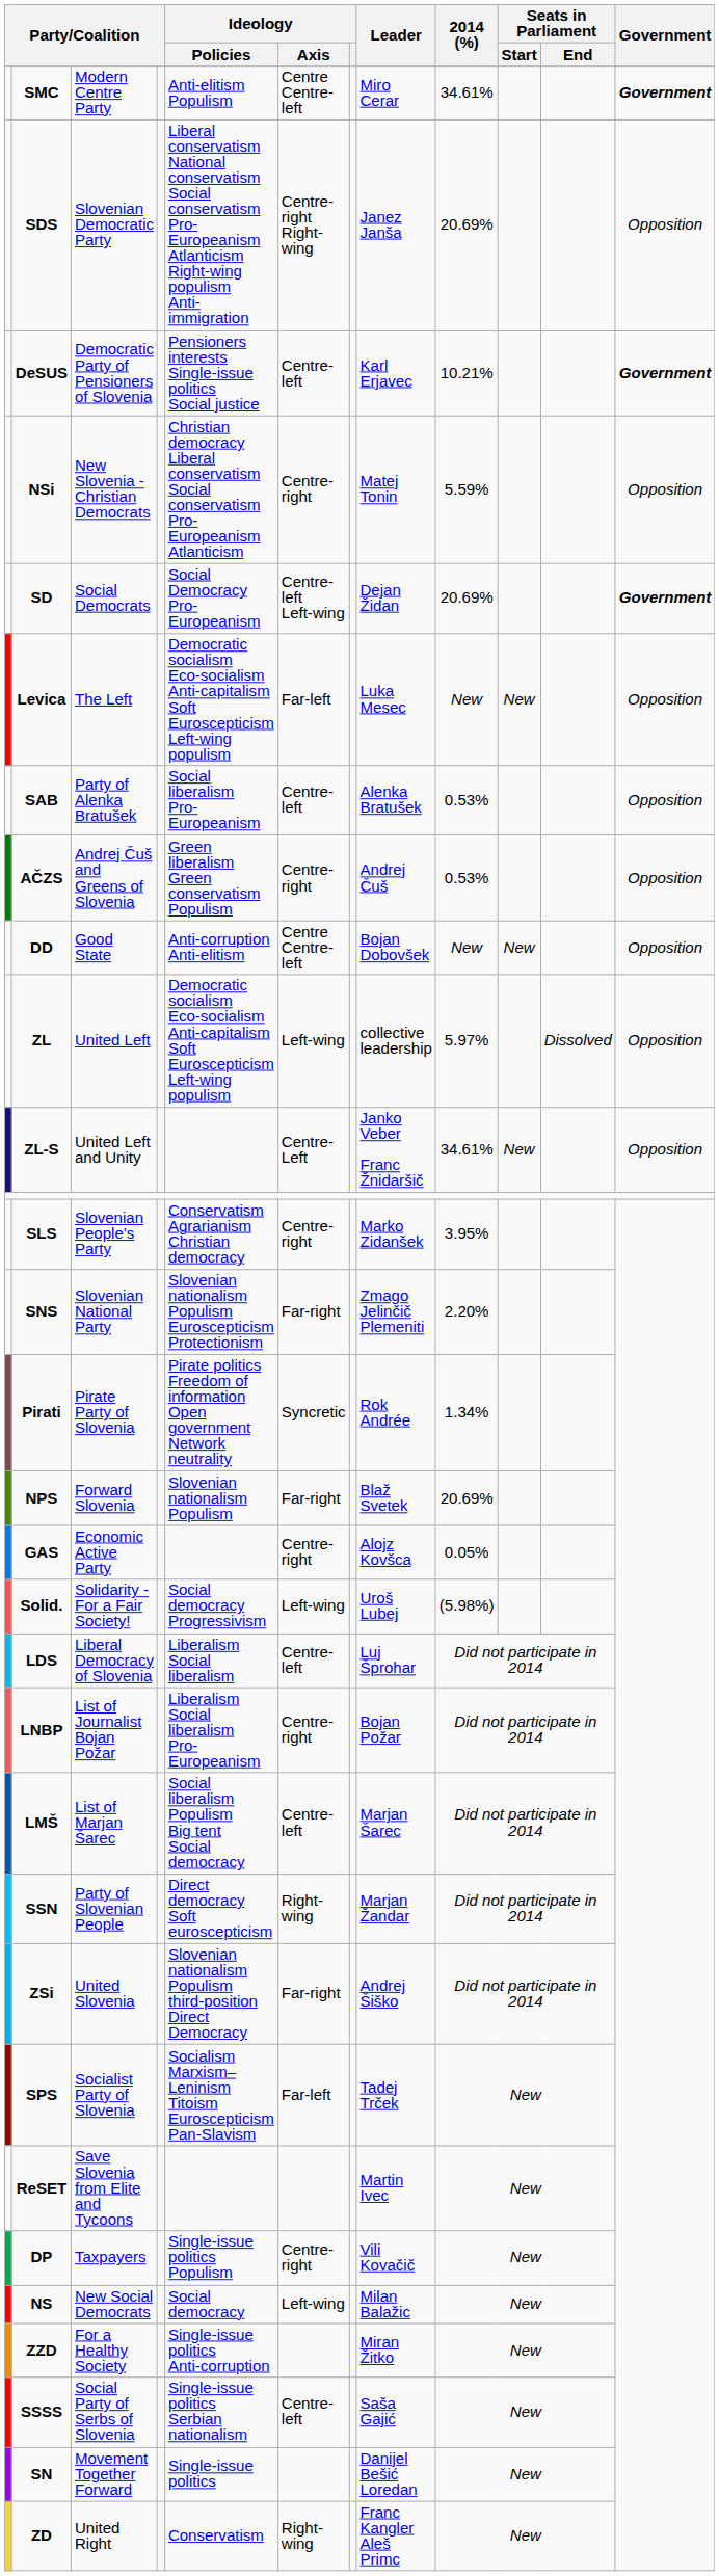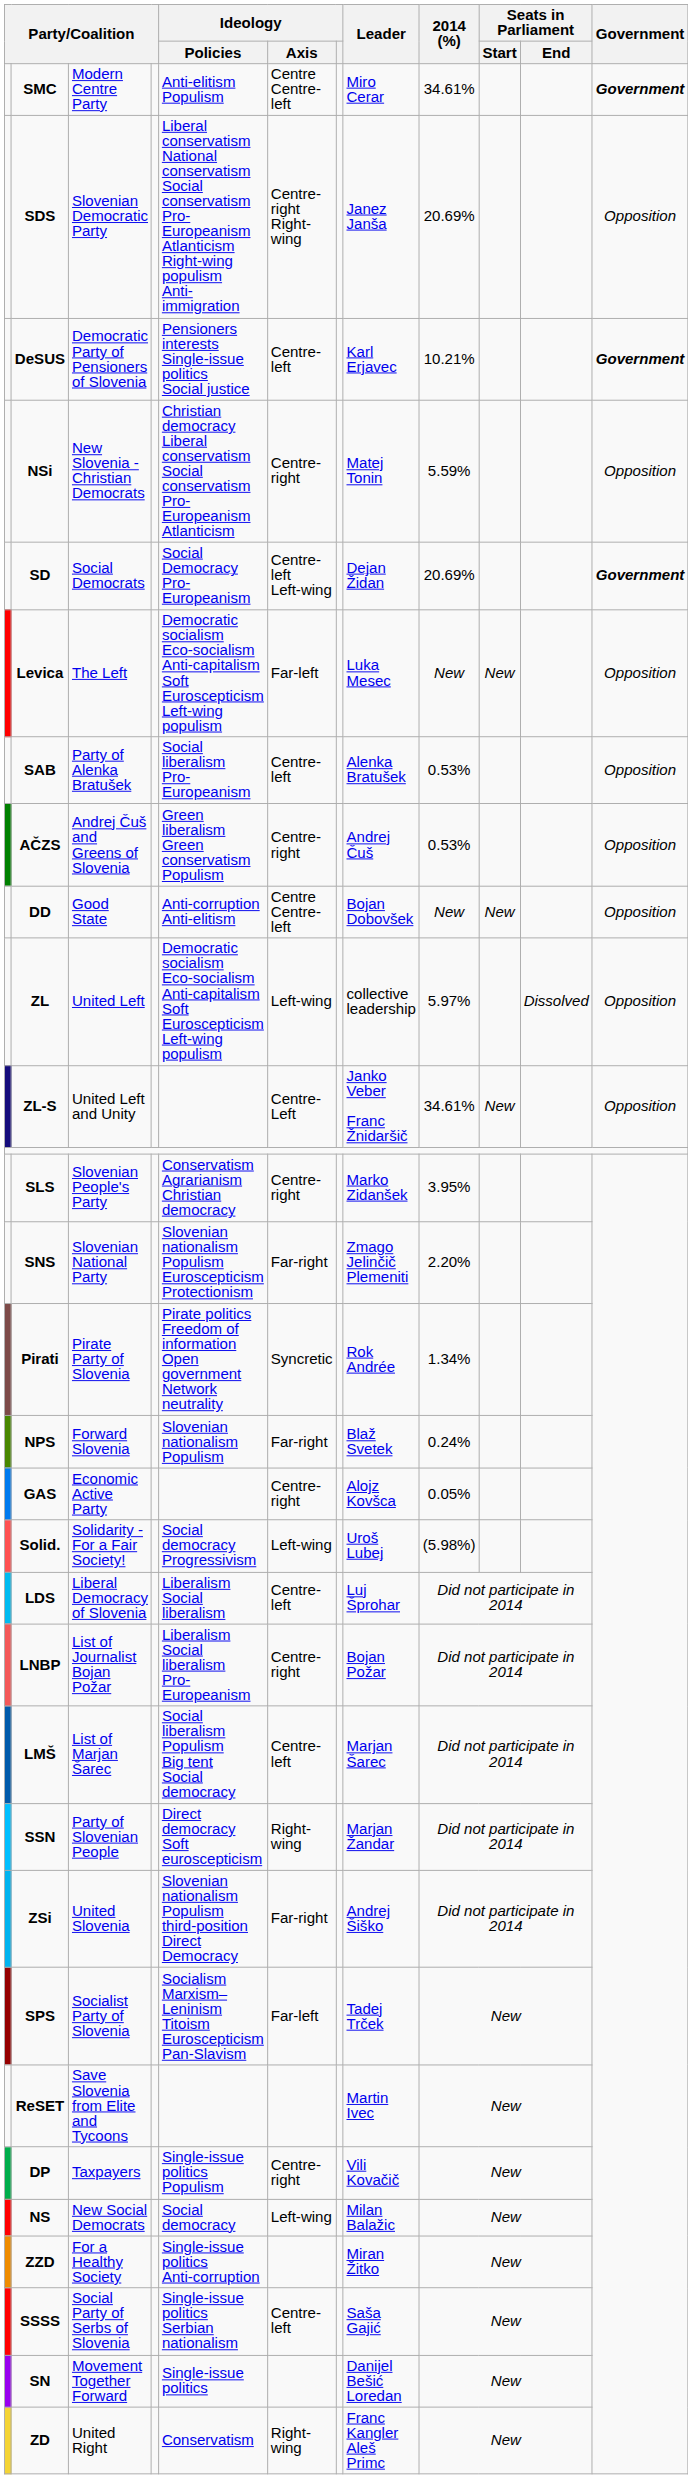 <table class="wikitable collapsible sortable" style="line-height:16px;">
 <tr>
 <th colspan="4" rowspan="2">Party/Coalition</th>
 <th colspan="3">Ideology</th>
 <th rowspan="2">Leader</th>
 <th rowspan="2">2014 (%)</th>
 <th style="width:13%;" colspan="2">Seats in Parliament</th>
 <th rowspan="2">Government</th>
 </tr>
 <tr>
 <th style="width:16%;">Policies</th>
 <th>Axis</th>
 <th class="unsortable"></th>
 <th data-sort-type="number">Start</th>
 <th data-sort-type="number">End</th>
 </tr>
 <tr>
 <td style="background:"></td>
 <td style="text-align:center;"><strong>SMC</strong></td>
 <td><a href='#'>Modern Centre Party</a><br></td>
 <td></td>
 <td><a href='#'>Anti-elitism</a><br><a href='#'>Populism</a></td>
 <td>Centre<br>Centre-left</td>
 <td></td>
 <td><a href='#'>Miro Cerar</a><br></td>
 <td style="text-align:center;">34.61%</td>
 <td style="text-align:center;"></td>
 <td style="text-align:center;"></td>
 <td style="text-align:center;"><strong><em>Government</em></strong></td>
 </tr>
 <tr>
 <td style="background:"></td>
 <td style="text-align:center;"><strong>SDS</strong></td>
 <td><a href='#'>Slovenian Democratic Party</a><br></td>
 <td></td>
 <td><a href='#'>Liberal conservatism</a><br><a href='#'>National conservatism</a><br><a href='#'>Social conservatism</a><br><a href='#'>Pro-Europeanism</a><br><a href='#'>Atlanticism</a><br><a href='#'>Right-wing populism</a><br><a href='#'>Anti-immigration</a></td>
 <td>Centre-right<br>Right-wing</td>
 <td></td>
 <td><a href='#'>Janez Janša</a><br></td>
 <td style="text-align:center;">20.69%</td>
 <td style="text-align:center;"></td>
 <td style="text-align:center;"></td>
 <td style="text-align:center;"><em>Opposition</em></td>
 </tr>
 <tr>
 <td style="background:"></td>
 <td style="text-align:center;"><strong>DeSUS</strong></td>
 <td><a href='#'>Democratic Party of Pensioners of Slovenia</a><br></td>
 <td></td>
 <td><a href='#'>Pensioners interests</a><br><a href='#'>Single-issue politics</a><br><a href='#'>Social justice</a></td>
 <td>Centre-left</td>
 <td></td>
 <td><a href='#'>Karl Erjavec</a><br></td>
 <td style="text-align:center;">10.21%</td>
 <td style="text-align:center;"></td>
 <td style="text-align:center;"></td>
 <td style="text-align:center;"><strong><em>Government</em></strong></td>
 </tr>
 <tr>
 <td style="background:"></td>
 <td style="text-align:center;"><strong>NSi</strong></td>
 <td><a href='#'>New Slovenia - Christian Democrats</a><br></td>
 <td></td>
 <td><a href='#'>Christian democracy</a><br><a href='#'>Liberal conservatism</a><br><a href='#'>Social conservatism</a><br><a href='#'>Pro-Europeanism</a><br><a href='#'>Atlanticism</a></td>
 <td>Centre-right</td>
 <td></td>
 <td><a href='#'>Matej Tonin</a><br></td>
 <td style="text-align:center;">5.59%</td>
 <td style="text-align:center;"></td>
 <td style="text-align:center;"></td>
 <td style="text-align:center;"><em>Opposition</em></td>
 </tr>
 <tr>
 <td style="background:"></td>
 <td style="text-align:center;"><strong>SD</strong></td>
 <td><a href='#'>Social Democrats</a><br></td>
 <td></td>
 <td><a href='#'>Social Democracy</a><br><a href='#'>Pro-Europeanism</a></td>
 <td>Centre-left<br>Left-wing</td>
 <td></td>
 <td><a href='#'>Dejan Židan</a><br></td>
 <td style="text-align:center;">20.69%</td>
 <td style="text-align:center;"></td>
 <td style="text-align:center;"></td>
 <td style="text-align:center;"><strong><em>Government</em></strong></td>
 </tr>
 <tr>
 <td style="background:red"></td>
 <td style="text-align:center;"><strong>Levica</strong></td>
 <td><a href='#'>The Left</a><br></td>
 <td></td>
 <td><a href='#'>Democratic socialism</a><br><a href='#'>Eco-socialism</a><br><a href='#'>Anti-capitalism</a><br><a href='#'>Soft Euroscepticism</a><br><a href='#'>Left-wing populism</a></td>
 <td>Far-left</td>
 <td></td>
 <td><a href='#'>Luka Mesec</a><br></td>
 <td style="text-align:center;"><em>New</em></td>
 <td style="text-align:center;"><em>New</em></td>
 <td style="text-align:center;"></td>
 <td style="text-align:center;"><em>Opposition</em></td>
 </tr>
 <tr>
 <td style="background:"></td>
 <td style="text-align:center;"><strong>SAB</strong></td>
 <td><a href='#'>Party of Alenka Bratušek</a><br></td>
 <td></td>
 <td><a href='#'>Social liberalism</a><br><a href='#'>Pro-Europeanism</a></td>
 <td>Centre-left</td>
 <td></td>
 <td><a href='#'>Alenka Bratušek</a><br></td>
 <td style="text-align:center;">0.53%</td>
 <td style="text-align:center;"></td>
 <td style="text-align:center;"></td>
 <td style="text-align:center;"><em>Opposition</em></td>
 </tr>
 <tr>
 <td style="background:green"></td>
 <td style="text-align:center;"><strong>AČZS</strong></td>
 <td><a href='#'>Andrej Čuš and Greens of Slovenia</a><br></td>
 <td></td>
 <td><a href='#'>Green liberalism</a><br><a href='#'>Green conservatism</a><br><a href='#'>Populism</a></td>
 <td>Centre-right</td>
 <td></td>
 <td><a href='#'>Andrej Čuš</a><br></td>
 <td style="text-align:center;">0.53%</td>
 <td style="text-align:center;"></td>
 <td style="text-align:center;"></td>
 <td style="text-align:center;"><em>Opposition</em><br></td>
 </tr>
 <tr>
 <td style="background:"></td>
 <td style="text-align:center;"><strong>DD</strong></td>
 <td><a href='#'>Good State</a><br></td>
 <td></td>
 <td><a href='#'>Anti-corruption</a><br><a href='#'>Anti-elitism</a></td>
 <td>Centre<br>Centre-left</td>
 <td></td>
 <td><a href='#'>Bojan Dobovšek</a><br></td>
 <td style="text-align:center;"><em>New</em></td>
 <td style="text-align:center;"><em>New</em></td>
 <td style="text-align:center;"></td>
 <td style="text-align:center;"><em>Opposition</em></td>
 </tr>
 <tr>
 <td style="background:"></td>
 <td style="text-align:center;"><strong>ZL</strong></td>
 <td><a href='#'>United Left</a><br></td>
 <td></td>
 <td><a href='#'>Democratic socialism</a><br><a href='#'>Eco-socialism</a><br><a href='#'>Anti-capitalism</a><br><a href='#'>Soft Euroscepticism</a><br><a href='#'>Left-wing populism</a></td>
 <td>Left-wing</td>
 <td></td>
 <td>collective leadership</td>
 <td style="text-align:center;">5.97%</td>
 <td style="text-align:center;"></td>
 <td style="text-align:center;"><em>Dissolved</em></td>
 <td style="text-align:center;"><em>Opposition</em></td>
 </tr>
 <tr>
 <td style="background:#150c7c"></td>
 <td style="text-align:center;"><strong>ZL-S</strong></td>
 <td>United Left and Unity<br></td>
 <td></td>
 <td></td>
 <td>Centre-Left</td>
 <td></td>
 <td><a href='#'>Janko Veber</a><br><br><a href='#'>Franc Žnidaršič</a><br></td>
 <td style="text-align:center;">34.61%</td>
 <td style="text-align:center;"><em>New</em></td>
 <td style="text-align:center;"></td>
 <td style="text-align:center;"><em>Opposition</em><br></td>
 </tr>
 <tr>
 <td colspan="13"></td>
 </tr>
 <tr>
 <td style="background:"></td>
 <td style="text-align:center;"><strong>SLS</strong></td>
 <td><a href='#'>Slovenian People's Party</a><br></td>
 <td></td>
 <td><a href='#'>Conservatism</a><br><a href='#'>Agrarianism</a><br><a href='#'>Christian democracy</a></td>
 <td>Centre-right</td>
 <td></td>
 <td><a href='#'>Marko Zidanšek</a><br></td>
 <td style="text-align:center;">3.95%</td>
 <td style="text-align:center;"></td>
 <td style="text-align:center;"></td>
 <td rowspan=19><br></td>
 </tr>
 <tr>
 <td style="background:"></td>
 <td style="text-align:center;"><strong>SNS</strong></td>
 <td><a href='#'>Slovenian National Party</a><br></td>
 <td></td>
 <td><a href='#'>Slovenian nationalism</a><br><a href='#'>Populism</a><br><a href='#'>Euroscepticism</a><br><a href='#'>Protectionism</a></td>
 <td>Far-right</td>
 <td></td>
 <td><a href='#'>Zmago Jelinčič Plemeniti</a><br></td>
 <td style="text-align:center;">2.20%</td>
 <td style="text-align:center;"></td>
 <td style="text-align:center;"></td>
 </tr>
 <tr>
 <td style="background:#7D4A48"></td>
 <td style="text-align:center;"><strong>Pirati</strong></td>
 <td><a href='#'>Pirate Party of Slovenia</a><br></td>
 <td></td>
 <td><a href='#'>Pirate politics</a><br><a href='#'>Freedom of information</a><br><a href='#'>Open government</a><br><a href='#'>Network neutrality</a></td>
 <td>Syncretic</td>
 <td></td>
 <td><a href='#'>Rok Andrée</a></td>
 <td style="text-align:center;">1.34%</td>
 <td style="text-align:center;"></td>
 <td style="text-align:center;"></td>
 </tr>
 <tr>
 <td style="background:#488700"></td>
 <td style="text-align:center;"><strong>NPS</strong></td>
 <td><a href='#'>Forward Slovenia</a><br></td>
 <td></td>
 <td><a href='#'>Slovenian nationalism</a><br><a href='#'>Populism</a></td>
 <td>Far-right</td>
 <td></td>
 <td><a href='#'>Blaž Svetek</a></td>
-<td style="text-align:center;">20.69%</td>
+<td style="text-align:center;">0.24%</td>
 <td style="text-align:center;"></td>
 <td style="text-align:center;"></td>
 </tr>
 <tr>
 <td style="background:#007bef"></td>
 <td style="text-align:center;"><strong>GAS</strong></td>
 <td><a href='#'>Economic Active Party</a><br></td>
 <td></td>
 <td></td>
 <td>Centre-right</td>
 <td></td>
 <td><a href='#'>Alojz Kovšca</a><br></td>
 <td style="text-align:center;">0.05%</td>
 <td style="text-align:center;"></td>
 <td style="text-align:center;"></td>
 </tr>
 <tr>
 <td style="background:#ff5151"></td>
 <td style="text-align:center;"><strong>Solid.</strong></td>
 <td><a href='#'>Solidarity - For a Fair Society!</a><br></td>
 <td></td>
 <td><a href='#'>Social democracy</a><br><a href='#'>Progressivism</a></td>
 <td>Left-wing</td>
 <td></td>
 <td><a href='#'>Uroš Lubej</a></td>
 <td style="text-align:center;">(5.98%)</td>
 <td style="text-align:center;"></td>
 <td style="text-align:center;"></td>
 </tr>
 <tr>
 <td style="background:#00BBF0"></td>
 <td style="text-align:center;"><strong>LDS</strong></td>
 <td><a href='#'>Liberal Democracy of Slovenia</a><br></td>
 <td></td>
 <td><a href='#'>Liberalism</a><br><a href='#'>Social liberalism</a></td>
 <td>Centre-left</td>
 <td></td>
 <td><a href='#'>Luj Šprohar</a></td>
 <td colspan="3" style="text-align:center;"><em>Did not participate in 2014</em></td>
 </tr>
 <tr>
 <td style="background:#f45858"></td>
 <td style="text-align:center;"><strong>LNBP</strong></td>
 <td><a href='#'>List of Journalist Bojan Požar</a><br></td>
 <td></td>
 <td><a href='#'>Liberalism</a><br><a href='#'>Social liberalism</a><br><a href='#'>Pro-Europeanism</a></td>
 <td>Centre-right</td>
 <td></td>
 <td><a href='#'>Bojan Požar</a></td>
 <td colspan="3" style="text-align:center;"><em>Did not participate in 2014</em></td>
 </tr>
 <tr>
 <td style="background:#005AAB"></td>
 <td style="text-align:center;"><strong>LMŠ</strong></td>
 <td><a href='#'>List of Marjan Šarec</a><br></td>
 <td></td>
 <td><a href='#'>Social liberalism</a><br><a href='#'>Populism</a><br><a href='#'>Big tent</a><br><a href='#'>Social democracy</a></td>
 <td>Centre-left</td>
 <td></td>
 <td><a href='#'>Marjan Šarec</a><br></td>
 <td colspan="3" style="text-align:center;"><em>Did not participate in 2014</em></td>
 </tr>
 <tr>
 <td style="background:#00BFFF"></td>
 <td style="text-align:center;"><strong>SSN</strong></td>
 <td><a href='#'>Party of Slovenian People</a><br></td>
 <td></td>
 <td><a href='#'>Direct democracy</a><br><a href='#'>Soft euroscepticism</a></td>
 <td>Right-wing</td>
 <td></td>
 <td><a href='#'>Marjan Žandar</a></td>
 <td colspan="3" style="text-align:center;"><em>Did not participate in 2014</em></td>
 </tr>
 <tr>
 <td style="background:#00b3ef"></td>
 <td style="text-align:center;"><strong>ZSi</strong></td>
 <td><a href='#'>United Slovenia</a><br></td>
 <td></td>
 <td><a href='#'>Slovenian nationalism</a><br><a href='#'>Populism</a><br><a href='#'>third-position</a><br><a href='#'>Direct Democracy</a></td>
 <td>Far-right</td>
 <td></td>
 <td><a href='#'>Andrej Šiško</a></td>
 <td colspan="3" style="text-align:center;"><em>Did not participate in 2014</em></td>
 </tr>
 <tr>
 <td style="background:#950000"></td>
 <td style="text-align:center;"><strong>SPS</strong></td>
 <td><a href='#'>Socialist Party of Slovenia</a><br></td>
 <td></td>
 <td><a href='#'>Socialism</a><br><a href='#'>Marxism–Leninism</a><br><a href='#'>Titoism</a><br><a href='#'>Euroscepticism</a><br><a href='#'>Pan-Slavism</a></td>
 <td>Far-left</td>
 <td></td>
 <td><a href='#'>Tadej Trček</a></td>
 <td colspan="3" style="text-align:center;"><em>New</em></td>
 </tr>
 <tr>
 <td></td>
 <td style="text-align:center;"><strong>ReSET</strong></td>
 <td><a href='#'>Save Slovenia from Elite and Tycoons</a><br></td>
 <td></td>
 <td></td>
 <td></td>
 <td></td>
 <td><a href='#'>Martin Ivec</a></td>
 <td colspan="3" style="text-align:center;"><em>New</em></td>
 </tr>
 <tr>
 <td style="background:#00ad4b"></td>
 <td style="text-align:center;"><strong>DP</strong></td>
 <td><a href='#'>Taxpayers</a><br></td>
 <td></td>
 <td><a href='#'>Single-issue politics</a><br><a href='#'>Populism</a></td>
 <td>Centre-right</td>
 <td></td>
 <td><a href='#'>Vili Kovačič</a></td>
 <td colspan="3" style="text-align:center;"><em>New</em></td>
 </tr>
 <tr>
 <td style="background:red"></td>
 <td style="text-align:center;"><strong>NS</strong></td>
 <td><a href='#'>New Social Democrats</a><br></td>
 <td></td>
 <td><a href='#'>Social democracy</a></td>
 <td>Left-wing</td>
 <td></td>
 <td><a href='#'>Milan Balažic</a><br></td>
 <td colspan="3" style="text-align:center;"><em>New</em></td>
 </tr>
 <tr>
 <td style="background:#ef8c00"></td>
 <td style="text-align:center;"><strong>ZZD</strong></td>
 <td><a href='#'>For a Healthy Society</a><br></td>
 <td></td>
 <td><a href='#'>Single-issue politics</a><br><a href='#'>Anti-corruption</a></td>
 <td></td>
 <td></td>
 <td><a href='#'>Miran Žitko</a></td>
 <td colspan="3" style="text-align:center;"><em>New</em></td>
 </tr>
 <tr>
 <td style="background:red"></td>
 <td style="text-align:center;"><strong>SSSS</strong></td>
 <td><a href='#'>Social Party of Serbs of Slovenia</a><br></td>
 <td></td>
 <td><a href='#'>Single-issue politics</a><br><a href='#'>Serbian nationalism</a></td>
 <td>Centre-left</td>
 <td></td>
 <td><a href='#'>Saša Gajić</a></td>
 <td colspan="3" style="text-align:center;"><em>New</em></td>
 </tr>
 <tr>
 <td style="background:#9800ef"></td>
 <td style="text-align:center;"><strong>SN</strong></td>
 <td><a href='#'>Movement Together Forward</a><br></td>
 <td></td>
 <td><a href='#'>Single-issue politics</a></td>
 <td></td>
 <td></td>
 <td><a href='#'>Danijel Bešić Loredan</a></td>
 <td colspan="3" style="text-align:center;"><em>New</em></td>
 </tr>
 <tr>
 <td style="background:#F4D435"></td>
 <td style="text-align:center;"><strong>ZD</strong></td>
 <td>United Right<br></td>
 <td></td>
 <td><a href='#'>Conservatism</a></td>
 <td>Right-wing</td>
 <td></td>
 <td><a href='#'>Franc Kangler</a><br><a href='#'>Aleš Primc</a></td>
 <td colspan="3" style="text-align:center;"><em>New</em><br></td>
 </tr>
 </table>
